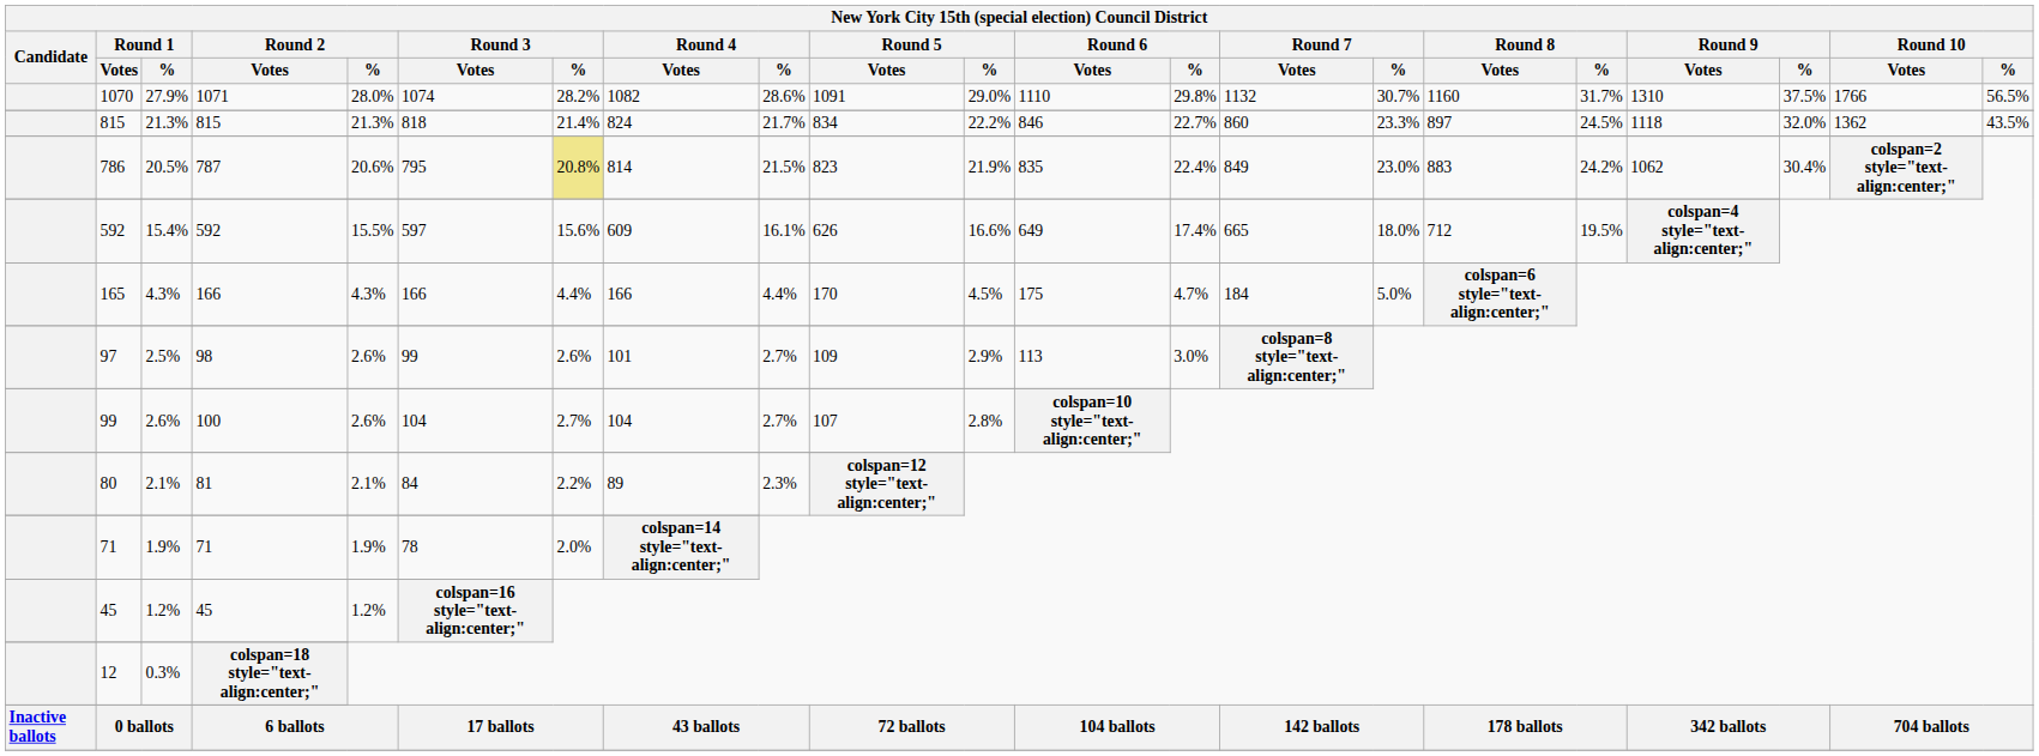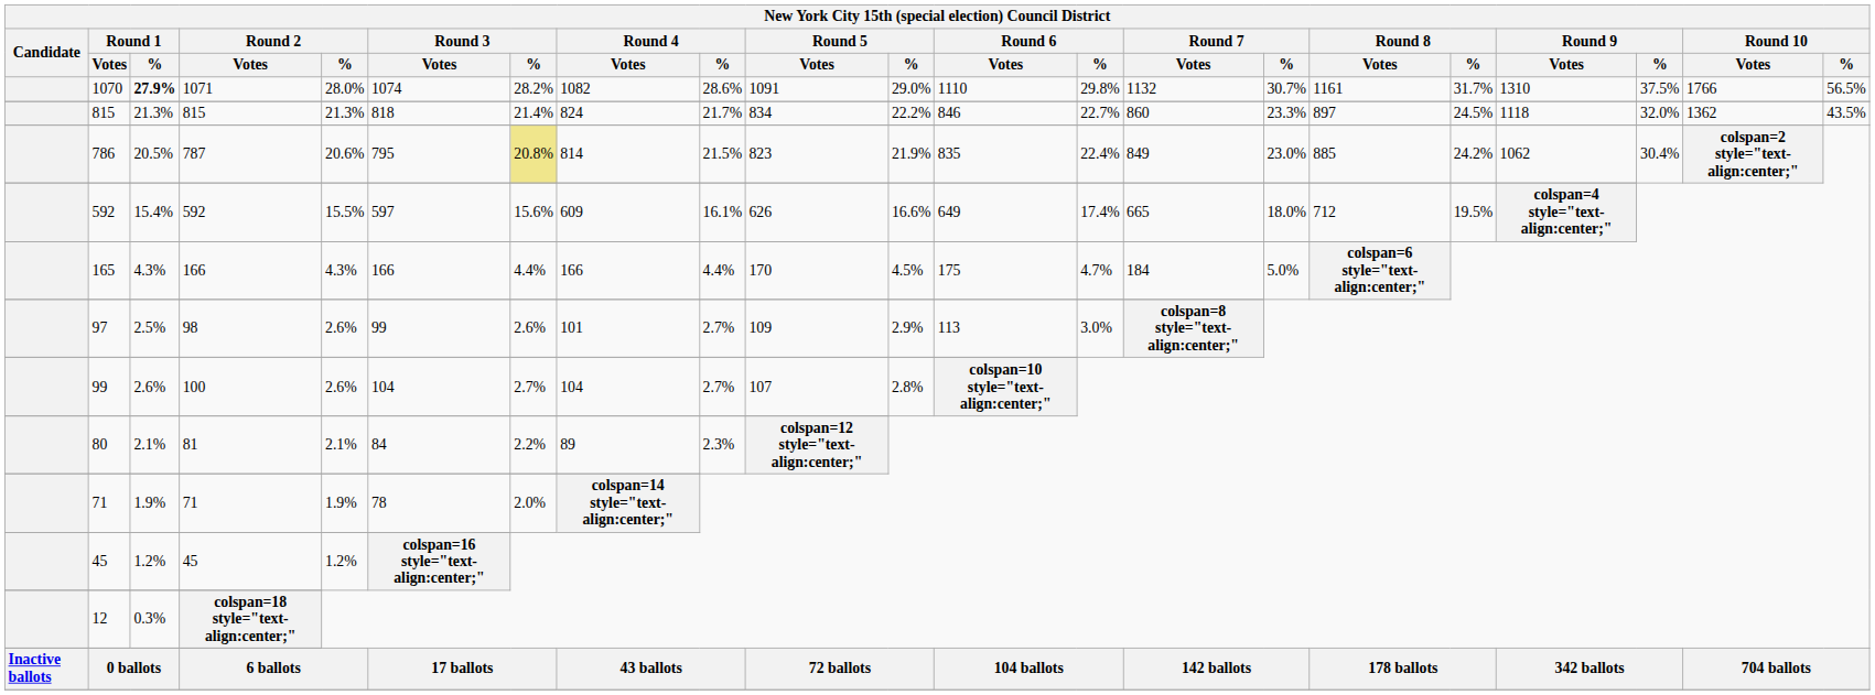 <table class="wikitable sortable">
 <tr>
 <th colspan=" 21 ">New York City 15th (special election) Council District</th>
 </tr>
 <tr style="background:#eee; text-align:center;">
 <th rowspan=2 style="text-align:center;">Candidate</th>
 <th colspan=2 style="text-align:center;">Round 1</th>
 <th colspan=2 style="text-align:center;">Round 2</th>
 <th colspan=2 style="text-align:center;">Round 3</th>
 <th colspan=2 style="text-align:center;">Round 4</th>
 <th colspan=2 style="text-align:center;">Round 5</th>
 <th colspan=2 style="text-align:center;">Round 6</th>
 <th colspan=2 style="text-align:center;">Round 7</th>
 <th colspan=2 style="text-align:center;">Round 8</th>
 <th colspan=2 style="text-align:center;">Round 9</th>
 <th colspan=2 style="text-align:center;">Round 10</th>
 </tr>
 <tr>
 <th>Votes</th>
 <th>%</th>
 <th>Votes</th>
 <th>%</th>
 <th>Votes</th>
 <th>%</th>
 <th>Votes</th>
 <th>%</th>
 <th>Votes</th>
 <th>%</th>
 <th>Votes</th>
 <th>%</th>
 <th>Votes</th>
 <th>%</th>
 <th>Votes</th>
 <th>%</th>
 <th>Votes</th>
 <th>%</th>
 <th>Votes</th>
 <th>%</th>
 </tr>
 <tr>
 <th scope="row" style="text-align:left;"></th>
 <td>1070</td>
-<td>27.9%</td>
+<td><strong>27.9%</strong></td>
 <td>1071</td>
 <td>28.0%</td>
 <td>1074</td>
 <td>28.2%</td>
 <td>1082</td>
 <td>28.6%</td>
 <td>1091</td>
 <td>29.0%</td>
 <td>1110</td>
 <td>29.8%</td>
 <td>1132</td>
 <td>30.7%</td>
-<td>1160</td>
+<td>1161</td>
 <td>31.7%</td>
 <td>1310</td>
 <td>37.5%</td>
 <td> 1766</td>
 <td> 56.5%</td>
 </tr>
 <tr>
 </tr>
 <tr>
 <th scope="row" style="text-align:left;"></th>
 <td>815</td>
 <td>21.3%</td>
 <td>815</td>
 <td>21.3%</td>
 <td>818</td>
 <td>21.4%</td>
 <td>824</td>
 <td>21.7%</td>
 <td>834</td>
 <td>22.2%</td>
 <td>846</td>
 <td>22.7%</td>
 <td>860</td>
 <td>23.3%</td>
 <td>897</td>
 <td>24.5%</td>
 <td>1118</td>
 <td>32.0%</td>
 <td>1362</td>
 <td>43.5%</td>
 </tr>
 <tr>
 </tr>
 <tr>
 <th scope="row" style="text-align:left;"></th>
 <td>786</td>
 <td>20.5%</td>
 <td>787</td>
 <td>20.6%</td>
 <td>795</td>
 <td style="background: khaki;">20.8%</td>
 <td>814</td>
 <td>21.5%</td>
 <td>823</td>
 <td>21.9%</td>
 <td>835</td>
 <td>22.4%</td>
 <td>849</td>
 <td>23.0%</td>
-<td>883</td>
+<td>885</td>
 <td>24.2%</td>
 <td>1062</td>
 <td>30.4%</td>
 <th>colspan=2 style="text-align:center;" </th>
 </tr>
 <tr>
 </tr>
 <tr>
 <th scope="row" style="text-align:left;"></th>
 <td>592</td>
 <td>15.4%</td>
 <td>592</td>
 <td>15.5%</td>
 <td>597</td>
 <td>15.6%</td>
 <td>609</td>
 <td>16.1%</td>
 <td>626</td>
 <td>16.6%</td>
 <td>649</td>
 <td>17.4%</td>
 <td>665</td>
 <td>18.0%</td>
 <td>712</td>
 <td>19.5%</td>
 <th>colspan=4 style="text-align:center;" </th>
 </tr>
 <tr>
 </tr>
 <tr>
 <th scope="row" style="text-align:left;"></th>
 <td>165</td>
 <td>4.3%</td>
 <td>166</td>
 <td>4.3%</td>
 <td>166</td>
 <td>4.4%</td>
 <td>166</td>
 <td>4.4%</td>
 <td>170</td>
 <td>4.5%</td>
 <td>175</td>
 <td>4.7%</td>
 <td>184</td>
 <td>5.0%</td>
 <th>colspan=6 style="text-align:center;" </th>
 </tr>
 <tr>
 </tr>
 <tr>
 <th scope="row" style="text-align:left;"></th>
 <td>97</td>
 <td>2.5%</td>
 <td>98</td>
 <td>2.6%</td>
 <td>99</td>
 <td>2.6%</td>
 <td>101</td>
 <td>2.7%</td>
 <td>109</td>
 <td>2.9%</td>
 <td>113</td>
 <td>3.0%</td>
 <th>colspan=8 style="text-align:center;" </th>
 </tr>
 <tr>
 </tr>
 <tr>
 <th scope="row" style="text-align:left;"></th>
 <td>99</td>
 <td>2.6%</td>
 <td>100</td>
 <td>2.6%</td>
 <td>104</td>
 <td>2.7%</td>
 <td>104</td>
 <td>2.7%</td>
 <td>107</td>
 <td>2.8%</td>
 <th>colspan=10 style="text-align:center;" </th>
 </tr>
 <tr>
 </tr>
 <tr>
 <th scope="row" style="text-align:left;"></th>
 <td>80</td>
 <td>2.1%</td>
 <td>81</td>
 <td>2.1%</td>
 <td>84</td>
 <td>2.2%</td>
 <td>89</td>
 <td>2.3%</td>
 <th>colspan=12 style="text-align:center;" </th>
 </tr>
 <tr>
 </tr>
 <tr>
 <th scope="row" style="text-align:left;"></th>
 <td>71</td>
 <td>1.9%</td>
 <td>71</td>
 <td>1.9%</td>
 <td>78</td>
 <td>2.0%</td>
 <th>colspan=14 style="text-align:center;" </th>
 </tr>
 <tr>
 </tr>
 <tr>
 <th scope="row" style="text-align:left;"></th>
 <td>45</td>
 <td>1.2%</td>
 <td>45</td>
 <td>1.2%</td>
 <th>colspan=16 style="text-align:center;" </th>
 </tr>
 <tr>
 </tr>
 <tr>
 <th scope="row" style="text-align:left;"></th>
 <td>12</td>
 <td>0.3%</td>
 <th>colspan=18 style="text-align:center;" </th>
 </tr>
 <tr>
 </tr>
 <tr>
 <th scope="row" style="text-align:left;"><a href='#'>Inactive ballots</a></th>
 <th colspan="2">0 ballots</th>
 <th colspan="2">6 ballots</th>
 <th colspan="2">17 ballots</th>
 <th colspan="2">43 ballots</th>
 <th colspan="2">72 ballots</th>
 <th colspan="2">104 ballots</th>
 <th colspan="2">142 ballots</th>
 <th colspan="2">178 ballots</th>
 <th colspan="2">342 ballots</th>
 <th colspan="2">704 ballots</th>
 </tr>
 <tr>
 </tr>
 </table>
